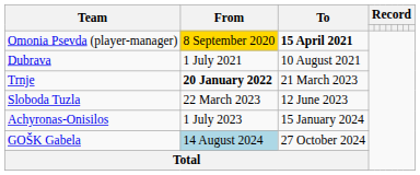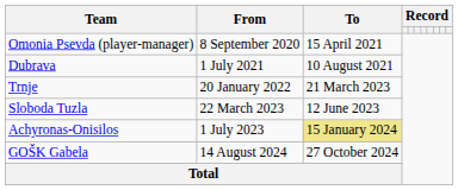 <table class="wikitable" tyle="text-align: center">
 <tr>
 <th rowspan="2">Team</th>
 <th rowspan="2">From</th>
 <th rowspan="2">To</th>
 <th colspan="8">Record</th>
 </tr>
 <tr>
 <th></th>
 <th></th>
 <th></th>
 <th></th>
 <th></th>
 <th></th>
 <th></th>
 <th></th>
 </tr>
 <tr>
 <td><a href='#'>Omonia Psevda</a> (player-manager)</td>
-<td style="background: gold;">8 September 2020</td>
-<td><strong>15 April 2021<br></strong></td>
+<td>8 September 2020</td>
+<td>15 April 2021<br></td>
 </tr>
 <tr>
 <td><a href='#'>Dubrava</a></td>
 <td>1 July 2021</td>
 <td>10 August 2021<br></td>
 </tr>
 <tr>
 <td><a href='#'>Trnje</a></td>
-<td><strong>20 January 2022</strong></td>
+<td>20 January 2022</td>
 <td>21 March 2023<br></td>
 </tr>
 <tr>
 <td><a href='#'>Sloboda Tuzla</a></td>
 <td>22 March 2023</td>
 <td>12 June 2023<br></td>
 </tr>
 <tr>
 <td><a href='#'>Achyronas-Onisilos</a></td>
 <td>1 July 2023</td>
-<td>15 January 2024<br></td>
+<td style="background: khaki;">15 January 2024<br></td>
 </tr>
 <tr>
 <td><a href='#'>GOŠK Gabela</a></td>
-<td style="background: lightblue;">14 August 2024</td>
+<td>14 August 2024</td>
 <td>27 October 2024<br></td>
 </tr>
 <tr>
 <th colspan=3>Total<br></th>
 </tr>
 </table>
